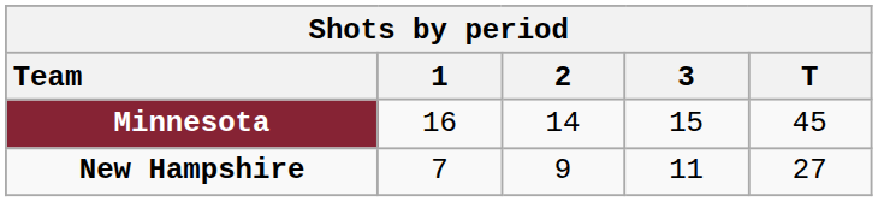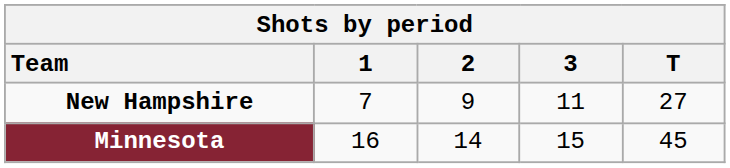 <table class="wikitable" style="width:30em; text-align:right;">
 <tr>
 <th colspan=5>Shots by period</th>
 </tr>
 <tr>
 <th style="width:10em; text-align:left;">Team</th>
 <th style="width:3em;">1</th>
 <th style="width:3em;">2</th>
 <th style="width:3em;">3</th>
 <th style="width:3em;">T</th>
 </tr>
 <tr>
+<td align=center><strong>New Hampshire</strong></td>
+<td align=center>7</td>
+<td align=center>9</td>
+<td align=center>11</td>
+<td align=center>27</td>
+</tr>
+<tr>
 <td align=center style="color:white; background:#862334; "><strong>Minnesota</strong></td>
 <td align=center>16</td>
 <td align=center>14</td>
 <td align=center>15</td>
 <td align=center>45</td>
 </tr>
-<tr>
-<td align=center><strong>New Hampshire</strong></td>
-<td align=center>7</td>
-<td align=center>9</td>
-<td align=center>11</td>
-<td align=center>27</td>
-</tr>
 </table>
